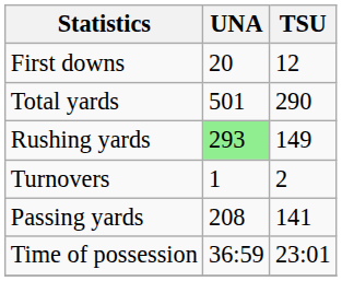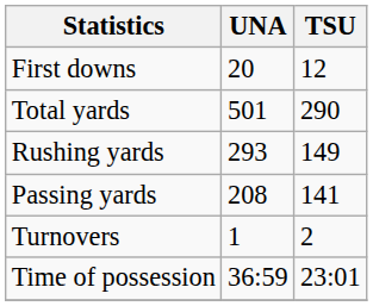 <table class="wikitable">
 <tr>
 <th>Statistics</th>
 <th>UNA</th>
 <th>TSU</th>
 </tr>
 <tr>
 <td>First downs</td>
 <td>20</td>
 <td>12</td>
 </tr>
 <tr>
 <td>Total yards</td>
 <td>501</td>
 <td>290</td>
 </tr>
 <tr>
 <td>Rushing yards</td>
-<td style="background: lightgreen;">293</td>
+<td>293</td>
 <td>149</td>
+</tr>
+<tr>
+<td>Passing yards</td>
+<td>208</td>
+<td>141</td>
 </tr>
 <tr>
 <td>Turnovers</td>
 <td>1</td>
 <td>2</td>
-</tr>
-<tr>
-<td>Passing yards</td>
-<td>208</td>
-<td>141</td>
 </tr>
 <tr>
 <td>Time of possession</td>
 <td>36:59</td>
 <td>23:01</td>
 </tr>
 <tr>
 </tr>
 </table>
